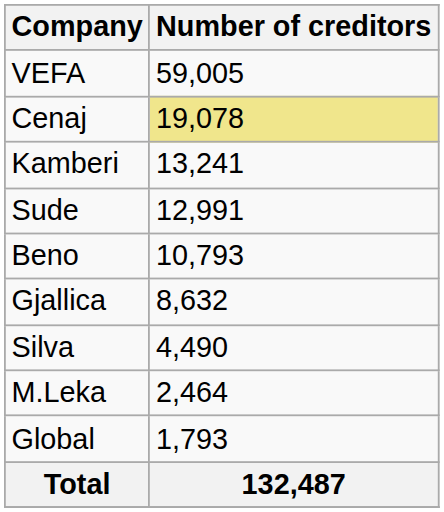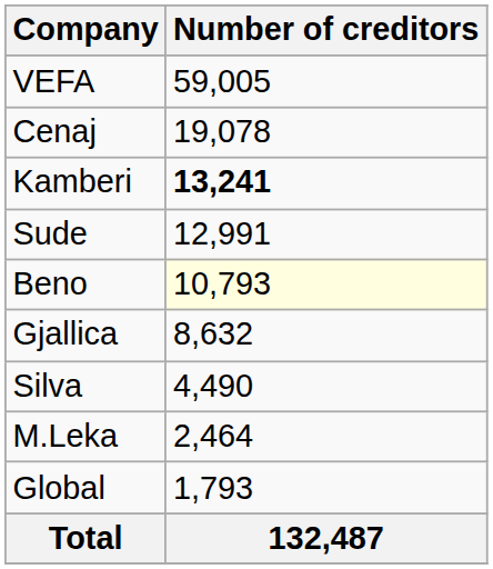 <table class="wikitable">
 <tr>
 <th>Company</th>
 <th>Number of creditors</th>
 </tr>
 <tr>
 <td>VEFA</td>
 <td>59,005</td>
 </tr>
 <tr>
 <td>Cenaj</td>
-<td style="background: khaki;">19,078</td>
+<td>19,078</td>
 </tr>
 <tr>
 <td>Kamberi</td>
-<td>13,241</td>
+<td><strong>13,241</strong></td>
 </tr>
 <tr>
 <td>Sude</td>
 <td>12,991</td>
 </tr>
 <tr>
 <td>Beno</td>
-<td>10,793</td>
+<td style="background: lightyellow;">10,793</td>
 </tr>
 <tr>
 <td>Gjallica</td>
 <td>8,632</td>
 </tr>
 <tr>
 <td>Silva</td>
 <td>4,490</td>
 </tr>
 <tr>
 <td>M.Leka</td>
 <td>2,464</td>
 </tr>
 <tr>
 <td>Global</td>
 <td>1,793</td>
 </tr>
 <tr>
 <th>Total</th>
 <th>132,487</th>
 </tr>
 <tr>
 </tr>
 </table>
